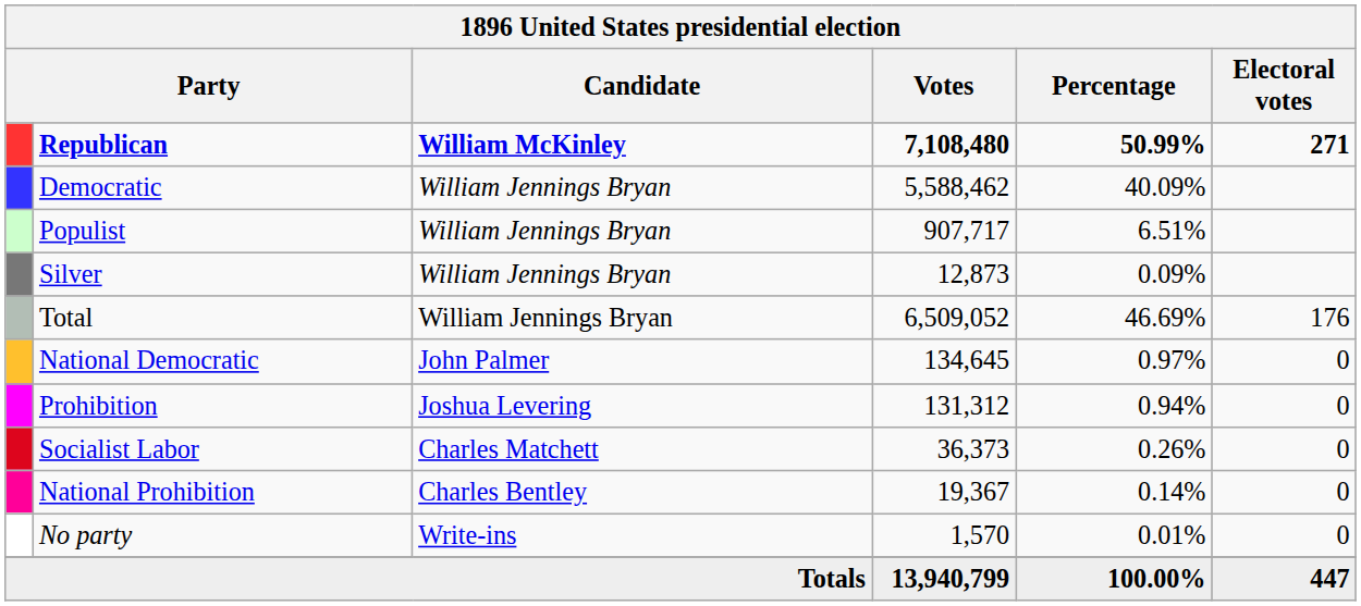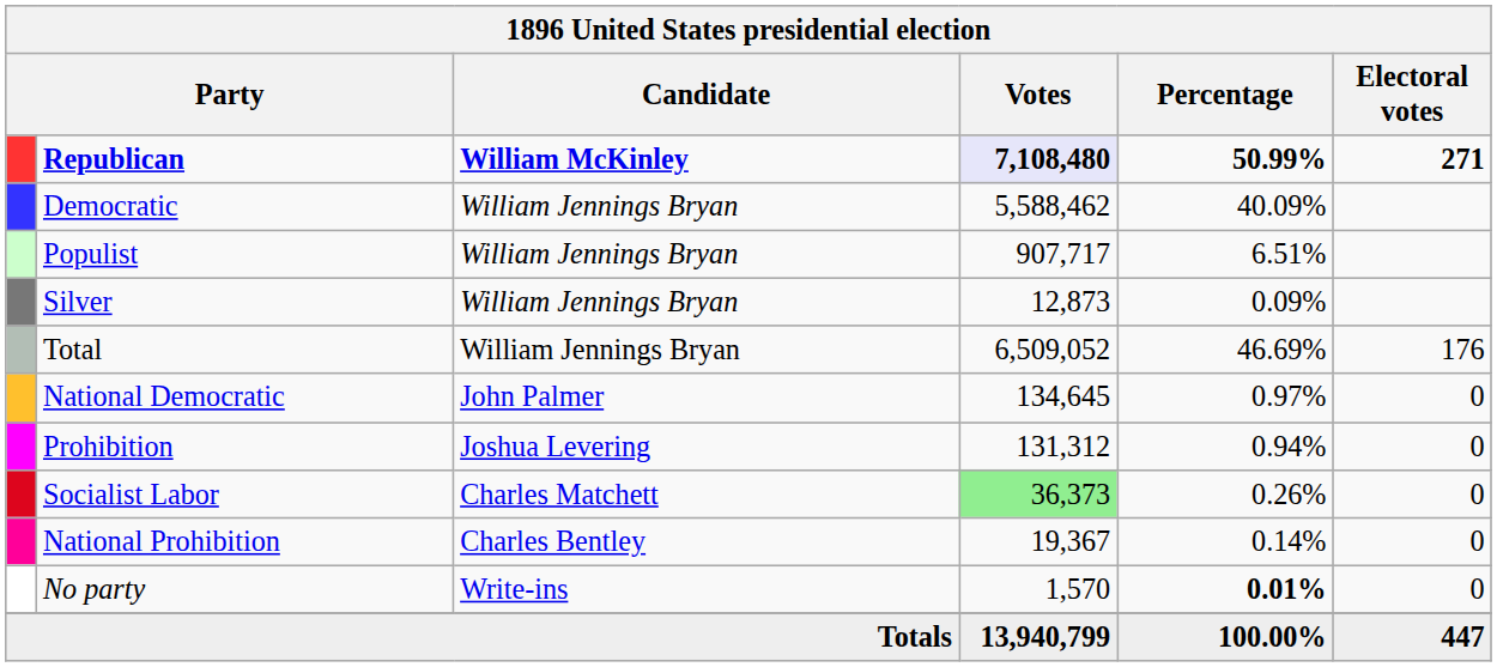 <table class="wikitable" style="font-size: 95%;">
 <tr>
 <th colspan="6">1896 United States presidential election</th>
 </tr>
 <tr>
 <th colspan="2" style="width: 15em">Party</th>
 <th style="width: 17em">Candidate</th>
 <th style="width: 5em">Votes</th>
 <th style="width: 7em">Percentage</th>
 <th style="width: 5em">Electoral votes</th>
 </tr>
 <tr>
 <th style="background-color:#FF3333; width: 3px"></th>
 <td style="width: 130px"><strong><a href='#'>Republican</a></strong></td>
 <td><strong><a href='#'>William McKinley</a></strong></td>
-<td align="right"><strong>7,108,480</strong></td>
+<td align="right" style="background: lavender;"><strong>7,108,480</strong></td>
 <td align="right"><strong>50.99%</strong></td>
 <td align="right"><strong>271</strong></td>
 </tr>
 <tr>
 <th style="background-color:#3333FF; width: 3px"></th>
 <td style="width: 130px"><a href='#'>Democratic</a></td>
 <td><em>William Jennings Bryan</em></td>
 <td align="right">5,588,462</td>
 <td align="right">40.09%</td>
 <td align="right"></td>
 </tr>
 <tr>
 <th style="background-color:#CCFFCC; width: 3px"></th>
 <td style="width: 130px"><a href='#'>Populist</a></td>
 <td><em>William Jennings Bryan</em></td>
 <td align="right">907,717</td>
 <td align="right">6.51%</td>
 <td align="right"></td>
 </tr>
 <tr>
 <th style="background-color:#777777; width: 3px"></th>
 <td style="width: 130px"><a href='#'>Silver</a></td>
 <td><em>William Jennings Bryan</em></td>
 <td align="right">12,873</td>
 <td align="right">0.09%</td>
 <td align="right"></td>
 </tr>
 <tr>
 <th style="background-color:#B2BEB5; width: 3px"></th>
 <td style="width: 130px">Total</td>
 <td>William Jennings Bryan</td>
 <td align="right">6,509,052</td>
 <td align="right">46.69%</td>
 <td align="right">176</td>
 </tr>
 <tr>
 <th style="background-color:#FFC02D; width: 3px"></th>
 <td style="width: 130px"><a href='#'>National Democratic</a></td>
 <td><a href='#'>John Palmer</a></td>
 <td align="right">134,645</td>
 <td align="right">0.97%</td>
 <td align="right">0</td>
 </tr>
 <tr>
 <th style="background-color:#FF00FF; width: 3px"></th>
 <td style="width: 130px"><a href='#'>Prohibition</a></td>
 <td><a href='#'>Joshua Levering</a></td>
 <td align="right">131,312</td>
 <td align="right">0.94%</td>
 <td align="right">0</td>
 </tr>
 <tr>
 <th style="background-color:#DD051D; width: 3px"></th>
 <td style="width: 130px"><a href='#'>Socialist Labor</a></td>
 <td><a href='#'>Charles Matchett</a></td>
-<td align="right">36,373</td>
+<td align="right" style="background: lightgreen;">36,373</td>
 <td align="right">0.26%</td>
 <td align="right">0</td>
 </tr>
 <tr>
 <th style="background-color:#f09; width: 3px"></th>
 <td style="width: 130px"><a href='#'>National Prohibition</a></td>
 <td><a href='#'>Charles Bentley</a></td>
 <td align="right">19,367</td>
 <td align="right">0.14%</td>
 <td align="right">0</td>
 </tr>
 <tr>
 <th style="background-color:#FFFFFF; width: 3px"></th>
 <td style="width: 130px"><em>No party</em></td>
 <td><a href='#'>Write-ins</a></td>
 <td align="right">1,570</td>
-<td align="right">0.01%</td>
+<td align="right"><strong>0.01%</strong></td>
 <td align="right">0</td>
 </tr>
 <tr>
 </tr>
 <tr bgcolor="#EEEEEE">
 <td colspan="3" align="right"><strong>Totals</strong></td>
 <td align="right"><strong>13,940,799</strong></td>
 <td align="right"><strong>100.00%</strong></td>
 <td align="right"><strong>447</strong></td>
 </tr>
 </table>
